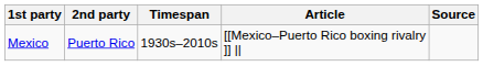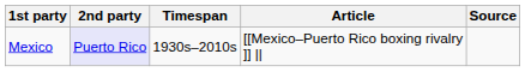 <table class="wikitable">
 <tr>
 <th>1st party</th>
 <th>2nd party</th>
 <th>Timespan</th>
 <th>Article</th>
 <th class="unsortable">Source</th>
 </tr>
 <tr>
 <td> <a href='#'>Mexico</a></td>
-<td> <a href='#'>Puerto Rico</a></td>
+<td style="background: lavender;"> <a href='#'>Puerto Rico</a></td>
 <td>1930s–2010s</td>
 <td>[[Mexico–Puerto Rico boxing rivalry<br>]] ||</td>
 </tr>
 </table>
